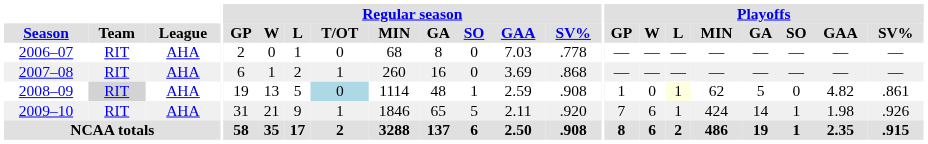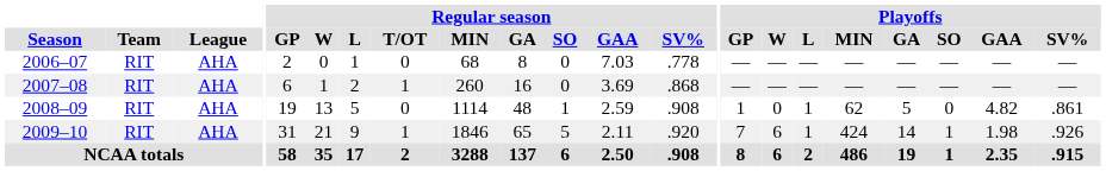 <table border="0" cellpadding="1" cellspacing="0" style="text-align:center; width:75%">
 <tr ALIGN="center" bgcolor="#e0e0e0">
 <th align="center" colspan="3" bgcolor="#ffffff"></th>
 <th align="center" rowspan="99" bgcolor="#ffffff"></th>
 <th align="center" colspan="9" bgcolor="#e0e0e0"><a href='#'>Regular season</a></th>
 <th align="center" rowspan="99" bgcolor="#ffffff"></th>
 <th align="center" colspan="8" bgcolor="#e0e0e0"><a href='#'>Playoffs</a></th>
 </tr>
 <tr ALIGN="center" bgcolor="#e0e0e0">
 <th><a href='#'>Season</a></th>
 <th>Team</th>
 <th>League</th>
 <th>GP</th>
 <th>W</th>
 <th>L</th>
 <th>T/OT</th>
 <th>MIN</th>
 <th>GA</th>
 <th><a href='#'>SO</a></th>
 <th><a href='#'>GAA</a></th>
 <th><a href='#'>SV%</a></th>
 <th>GP</th>
 <th>W</th>
 <th>L</th>
 <th>MIN</th>
 <th>GA</th>
 <th>SO</th>
 <th>GAA</th>
 <th>SV%</th>
 </tr>
 <tr ALIGN="center">
 <td><a href='#'>2006–07</a></td>
 <td><a href='#'>RIT</a></td>
 <td><a href='#'>AHA</a></td>
 <td>2</td>
 <td>0</td>
 <td>1</td>
 <td>0</td>
 <td>68</td>
 <td>8</td>
 <td>0</td>
 <td>7.03</td>
 <td>.778</td>
 <td>—</td>
 <td>—</td>
 <td>—</td>
 <td>—</td>
 <td>—</td>
 <td>—</td>
 <td>—</td>
 <td>—</td>
 </tr>
 <tr ALIGN="center" bgcolor="#f0f0f0">
 <td><a href='#'>2007–08</a></td>
 <td><a href='#'>RIT</a></td>
 <td><a href='#'>AHA</a></td>
 <td>6</td>
 <td>1</td>
 <td>2</td>
 <td>1</td>
 <td>260</td>
 <td>16</td>
 <td>0</td>
 <td>3.69</td>
 <td>.868</td>
 <td>—</td>
 <td>—</td>
 <td>—</td>
 <td>—</td>
 <td>—</td>
 <td>—</td>
 <td>—</td>
 <td>—</td>
 </tr>
 <tr ALIGN="center">
 <td><a href='#'>2008–09</a></td>
-<td style="background: lightgrey;"><a href='#'>RIT</a></td>
+<td><a href='#'>RIT</a></td>
 <td><a href='#'>AHA</a></td>
 <td>19</td>
 <td>13</td>
 <td>5</td>
-<td style="background: lightblue;">0</td>
+<td>0</td>
 <td>1114</td>
 <td>48</td>
 <td>1</td>
 <td>2.59</td>
 <td>.908</td>
 <td>1</td>
 <td>0</td>
-<td style="background: lightyellow;">1</td>
+<td>1</td>
 <td>62</td>
 <td>5</td>
 <td>0</td>
 <td>4.82</td>
 <td>.861</td>
 </tr>
 <tr ALIGN="center" bgcolor="#f0f0f0">
 <td><a href='#'>2009–10</a></td>
 <td><a href='#'>RIT</a></td>
 <td><a href='#'>AHA</a></td>
 <td>31</td>
 <td>21</td>
 <td>9</td>
 <td>1</td>
 <td>1846</td>
 <td>65</td>
 <td>5</td>
 <td>2.11</td>
 <td>.920</td>
 <td>7</td>
 <td>6</td>
 <td>1</td>
 <td>424</td>
 <td>14</td>
 <td>1</td>
 <td>1.98</td>
 <td>.926</td>
 </tr>
 <tr ALIGN="center" bgcolor="#e0e0e0">
 <th colspan="3" align="center">NCAA totals</th>
 <th>58</th>
 <th>35</th>
 <th>17</th>
 <th>2</th>
 <th>3288</th>
 <th>137</th>
 <th>6</th>
 <th>2.50</th>
 <th>.908</th>
 <th>8</th>
 <th>6</th>
 <th>2</th>
 <th>486</th>
 <th>19</th>
 <th>1</th>
 <th>2.35</th>
 <th>.915</th>
 </tr>
 </table>
